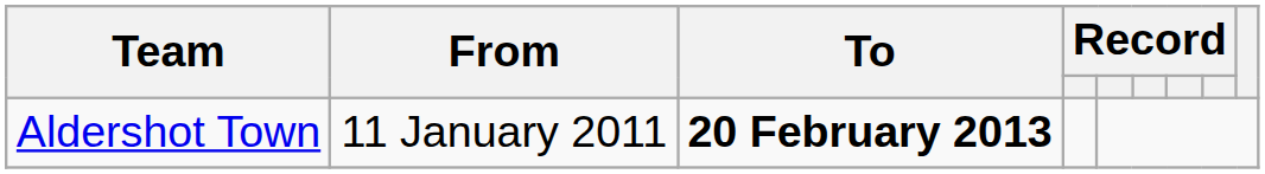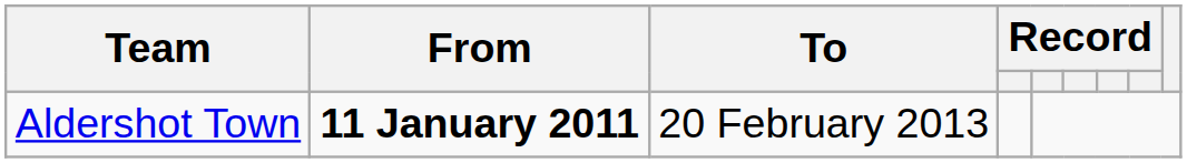 <table class=wikitable style="text-align: center">
 <tr>
 <th rowspan=2>Team</th>
 <th rowspan=2>From</th>
 <th rowspan=2>To</th>
 <th colspan=5>Record</th>
 <th rowspan=2></th>
 </tr>
 <tr>
 <th></th>
 <th></th>
 <th></th>
 <th></th>
 <th></th>
 </tr>
 <tr>
 <td align=left><a href='#'>Aldershot Town</a></td>
-<td align=left>11 January 2011</td>
-<td align=left><strong>20 February 2013<br></strong></td>
+<td align=left><strong>11 January 2011</strong></td>
+<td align=left>20 February 2013<br></td>
 <td></td>
 </tr>
 </table>
